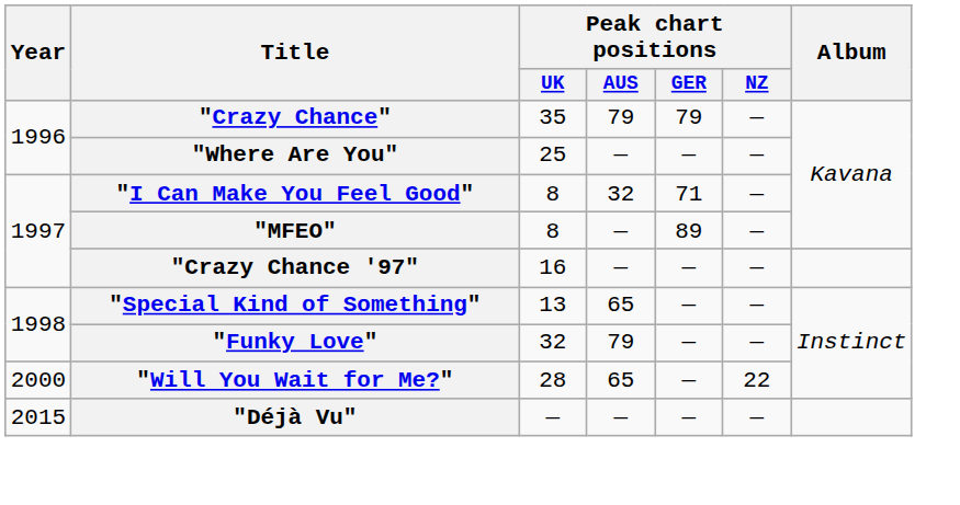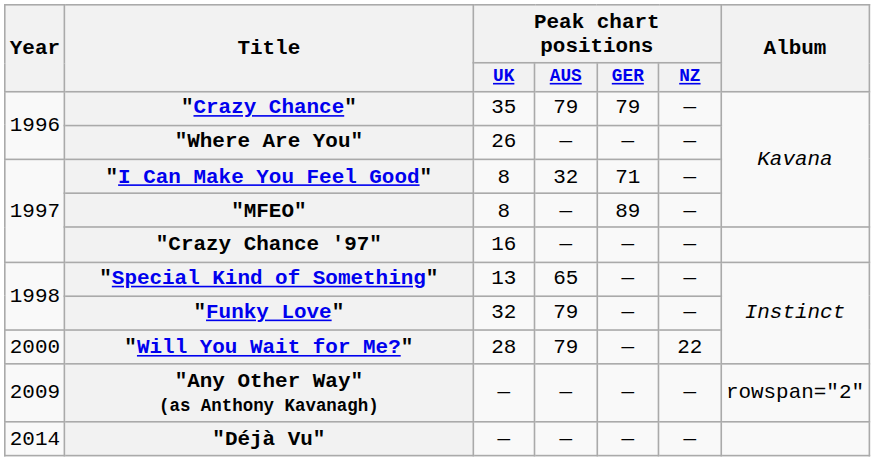 <table class="wikitable plainrowheaders" style="text-align:center;">
 <tr>
 <th scope="col" rowspan="2">Year</th>
 <th scope="col" rowspan="2" style="width:19em;">Title</th>
 <th scope="col" colspan="4">Peak chart positions</th>
 <th scope="col" rowspan="2">Album</th>
 </tr>
 <tr>
 <th style="width:3em;font-size:85%"><a href='#'>UK</a><br></th>
 <th style="width:3em;font-size:85%"><a href='#'>AUS</a><br></th>
 <th style="width:3em;font-size:85%"><a href='#'>GER</a><br></th>
 <th style="width:3em;font-size:85%"><a href='#'>NZ</a><br></th>
 </tr>
 <tr>
 <td rowspan="2">1996</td>
 <th scope="row">"<a href='#'>Crazy Chance</a>"</th>
 <td>35</td>
 <td>79</td>
 <td>79</td>
 <td>—</td>
 <td rowspan="4"><em>Kavana</em></td>
 </tr>
 <tr>
 <th scope="row">"Where Are You"</th>
-<td>25</td>
+<td>26</td>
 <td>—</td>
 <td>—</td>
 <td>—</td>
 </tr>
 <tr>
 <td rowspan="3">1997</td>
 <th scope="row">"<a href='#'>I Can Make You Feel Good</a>"</th>
 <td>8</td>
 <td>32</td>
 <td>71</td>
 <td>—</td>
 </tr>
 <tr>
 <th scope="row">"MFEO"</th>
 <td>8</td>
 <td>—</td>
 <td>89</td>
 <td>—</td>
 </tr>
 <tr>
 <th scope="row">"Crazy Chance '97"</th>
 <td>16</td>
 <td>—</td>
 <td>—</td>
 <td>—</td>
 <td></td>
 </tr>
 <tr>
 <td rowspan="2">1998</td>
 <th scope="row">"<a href='#'>Special Kind of Something</a>"</th>
 <td>13</td>
 <td>65</td>
 <td>—</td>
 <td>—</td>
 <td rowspan="3"><em>Instinct</em></td>
 </tr>
 <tr>
 <th scope="row">"<a href='#'>Funky Love</a>"</th>
 <td>32</td>
 <td>79</td>
 <td>—</td>
 <td>—</td>
 </tr>
 <tr>
 <td>2000</td>
 <th scope="row">"<a href='#'>Will You Wait for Me?</a>"</th>
 <td>28</td>
-<td>65</td>
+<td>79</td>
 <td>—</td>
 <td>22</td>
 </tr>
 <tr>
-<td>2015</td>
+<td>2009</td>
+<th scope="row">"Any Other Way"<br><small>(as Anthony Kavanagh)</small></th>
+<td>—</td>
+<td>—</td>
+<td>—</td>
+<td>—</td>
+<td>rowspan="2" </td>
+</tr>
+<tr>
+<td>2014</td>
 <th scope="row">"Déjà Vu"</th>
 <td>—</td>
 <td>—</td>
 <td>—</td>
 <td>—</td>
 </tr>
 </table>
